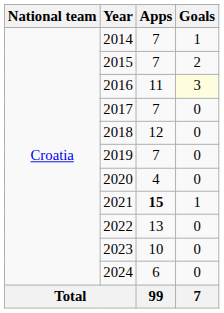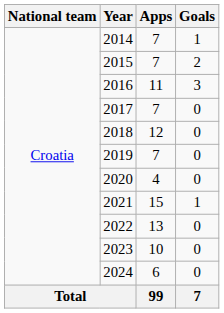 <table class="wikitable" style="text-align:center">
 <tr>
 <th>National team</th>
 <th>Year</th>
 <th>Apps</th>
 <th>Goals</th>
 </tr>
 <tr>
 <td rowspan="11"><a href='#'>Croatia</a></td>
 <td>2014</td>
 <td>7</td>
 <td>1</td>
 </tr>
 <tr>
 <td>2015</td>
 <td>7</td>
 <td>2</td>
 </tr>
 <tr>
 <td>2016</td>
 <td>11</td>
-<td style="background: lightyellow;">3</td>
+<td>3</td>
 </tr>
 <tr>
 <td>2017</td>
 <td>7</td>
 <td>0</td>
 </tr>
 <tr>
 <td>2018</td>
 <td>12</td>
 <td>0</td>
 </tr>
 <tr>
 <td>2019</td>
 <td>7</td>
 <td>0</td>
 </tr>
 <tr>
 <td>2020</td>
 <td>4</td>
 <td>0</td>
 </tr>
 <tr>
 <td>2021</td>
-<td><strong>15</strong></td>
+<td>15</td>
 <td>1</td>
 </tr>
 <tr>
 <td>2022</td>
 <td>13</td>
 <td>0</td>
 </tr>
 <tr>
 <td>2023</td>
 <td>10</td>
 <td>0</td>
 </tr>
 <tr>
 <td>2024</td>
 <td>6</td>
 <td>0</td>
 </tr>
 <tr>
 <th colspan="2">Total</th>
 <th>99</th>
 <th>7</th>
 </tr>
 </table>
